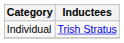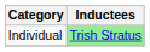 <table class="wikitable">
 <tr>
 <th>Category</th>
 <th>Inductees</th>
 </tr>
 <tr>
 <td>Individual</td>
-<td><a href='#'>Trish Stratus</a></td>
+<td style="background: lightgreen;"><a href='#'>Trish Stratus</a></td>
 </tr>
 <tr>
 </tr>
 </table>
